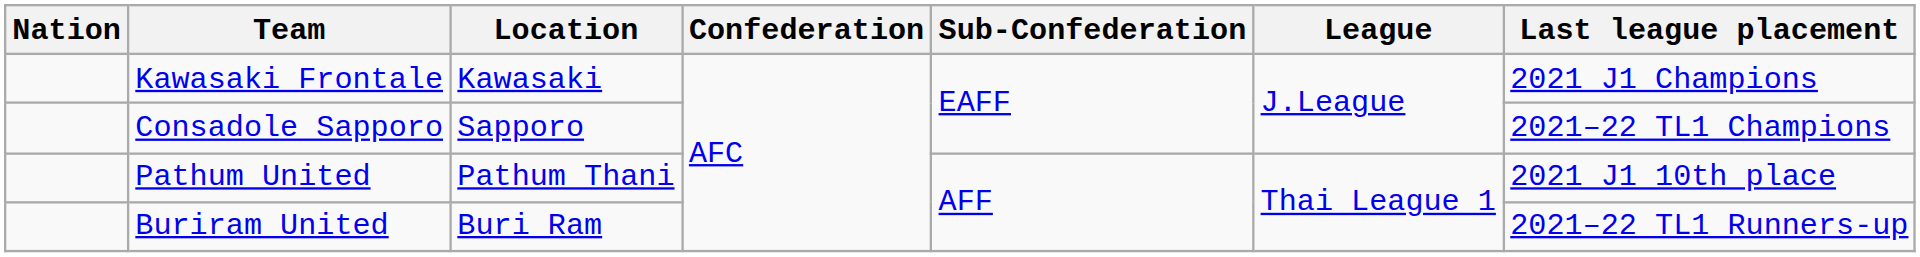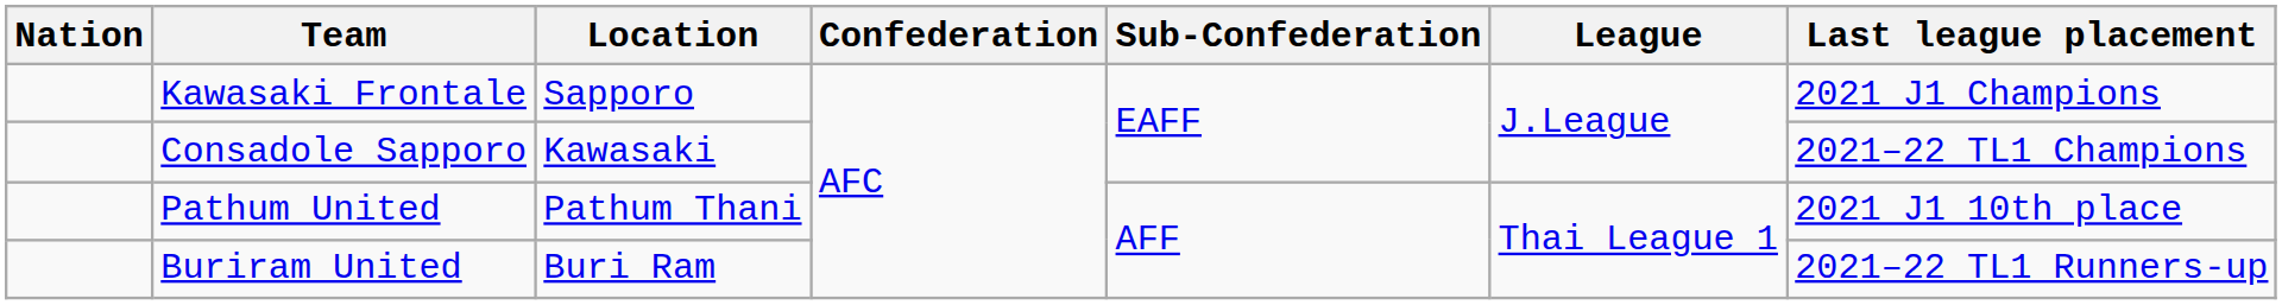 <table class="wikitable sortable">
 <tr>
 <th>Nation</th>
 <th>Team</th>
 <th>Location</th>
 <th>Confederation</th>
 <th>Sub-Confederation</th>
 <th>League</th>
 <th>Last league placement</th>
 </tr>
 <tr>
 <td></td>
 <td><a href='#'>Kawasaki Frontale</a></td>
-<td><a href='#'>Kawasaki</a></td>
+<td><a href='#'>Sapporo</a></td>
 <td rowspan="4"><a href='#'>AFC</a></td>
 <td rowspan="2"><a href='#'>EAFF</a></td>
 <td rowspan="2"><a href='#'>J.League</a></td>
 <td><a href='#'>2021 J1 Champions</a></td>
 </tr>
 <tr>
 <td></td>
 <td><a href='#'>Consadole Sapporo</a></td>
-<td><a href='#'>Sapporo</a></td>
+<td><a href='#'>Kawasaki</a></td>
 <td><a href='#'>2021–22 TL1 Champions</a></td>
 </tr>
 <tr>
 <td></td>
 <td><a href='#'>Pathum United</a></td>
 <td><a href='#'>Pathum Thani</a></td>
 <td rowspan="2"><a href='#'>AFF</a></td>
 <td rowspan="2"><a href='#'>Thai League 1</a></td>
 <td><a href='#'>2021 J1 10th place</a></td>
 </tr>
 <tr>
 <td></td>
 <td><a href='#'>Buriram United</a></td>
 <td><a href='#'>Buri Ram</a></td>
 <td><a href='#'>2021–22 TL1 Runners-up</a></td>
 </tr>
 </table>
